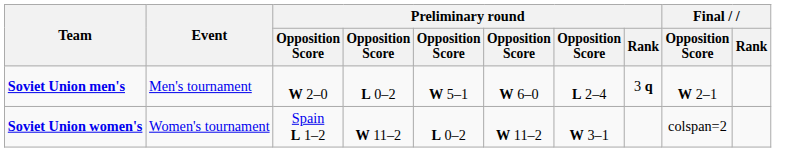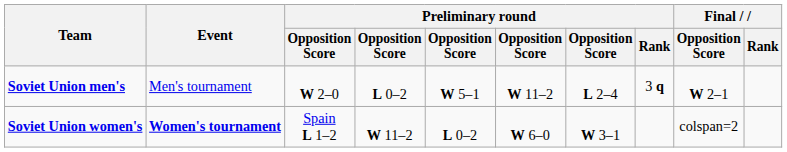 <table class="wikitable" style="text-align:center;font-size:90%">
 <tr>
 <th rowspan=2>Team</th>
 <th rowspan=2>Event</th>
 <th colspan=6>Preliminary round</th>
 <th colspan=2>Final /  / </th>
 </tr>
 <tr style="font-size:95%">
 <th>Opposition<br>Score</th>
 <th>Opposition<br>Score</th>
 <th>Opposition<br>Score</th>
 <th>Opposition<br>Score</th>
 <th>Opposition<br>Score</th>
 <th>Rank</th>
 <th>Opposition<br>Score</th>
 <th>Rank</th>
 </tr>
 <tr>
 <td align=left><strong><a href='#'>Soviet Union men's</a></strong></td>
 <td align=left><a href='#'>Men's tournament</a></td>
 <td><br><strong>W</strong> 2–0</td>
 <td><br><strong>L</strong> 0–2</td>
 <td><br><strong>W</strong> 5–1</td>
-<td><br><strong>W</strong> 6–0</td>
+<td><br><strong>W</strong> 11–2</td>
 <td><br><strong>L</strong> 2–4</td>
 <td>3 <strong>q</strong></td>
 <td><br><strong>W</strong> 2–1</td>
 <td></td>
 </tr>
 <tr>
 <td align=left><strong><a href='#'>Soviet Union women's</a></strong></td>
-<td align=left><a href='#'>Women's tournament</a></td>
+<td align=left><strong><a href='#'>Women's tournament</a></strong></td>
 <td> <a href='#'>Spain</a><br><strong>L</strong> 1–2</td>
 <td><br><strong>W</strong> 11–2</td>
 <td><br><strong>L</strong> 0–2</td>
-<td><br><strong>W</strong> 11–2</td>
+<td><br><strong>W</strong> 6–0</td>
 <td><br><strong>W</strong> 3–1</td>
 <td></td>
 <td>colspan=2 </td>
 </tr>
 </table>
